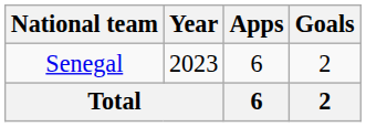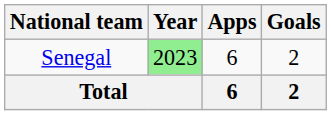 <table class="wikitable" style="text-align:center">
 <tr>
 <th>National team</th>
 <th>Year</th>
 <th>Apps</th>
 <th>Goals</th>
 </tr>
 <tr>
 <td rowspan=1><a href='#'>Senegal</a></td>
-<td>2023</td>
+<td style="background: lightgreen;">2023</td>
 <td>6</td>
 <td>2</td>
 </tr>
 <tr>
 <th colspan="2">Total</th>
 <th>6</th>
 <th>2</th>
 </tr>
 </table>
